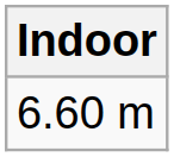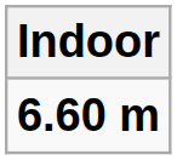 <table class="wikitable" border="1" align="upright">
 <tr>
 <th>Indoor</th>
 </tr>
 <tr>
-<td>6.60 m</td>
+<td><strong>6.60 m</strong></td>
 </tr>
 </table>
